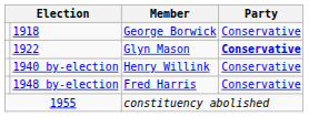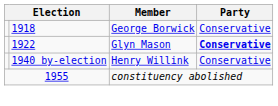 <table class="wikitable">
 <tr>
 <th colspan="2">Election</th>
 <th>Member</th>
 <th>Party</th>
 </tr>
 <tr>
 <td style="color:inherit;background-color: "></td>
 <td><a href='#'>1918</a></td>
 <td><a href='#'>George Borwick</a></td>
 <td><a href='#'>Conservative</a></td>
 </tr>
 <tr>
 <td style="color:inherit;background-color: "></td>
 <td><a href='#'>1922</a></td>
 <td><a href='#'>Glyn Mason</a></td>
 <td><strong><a href='#'>Conservative</a></strong></td>
 </tr>
 <tr>
 <td style="color:inherit;background-color: "></td>
 <td><a href='#'>1940 by-election</a></td>
 <td><a href='#'>Henry Willink</a></td>
 <td><a href='#'>Conservative</a></td>
 </tr>
 <tr>
-<td style="color:inherit;background-color: "></td>
-<td><a href='#'>1948 by-election</a></td>
-<td><a href='#'>Fred Harris</a></td>
-<td><a href='#'>Conservative</a></td>
-</tr>
-<tr>
 <td colspan="2" align="center"><a href='#'>1955</a></td>
 <td colspan="2"><em>constituency abolished</em></td>
 </tr>
 </table>
